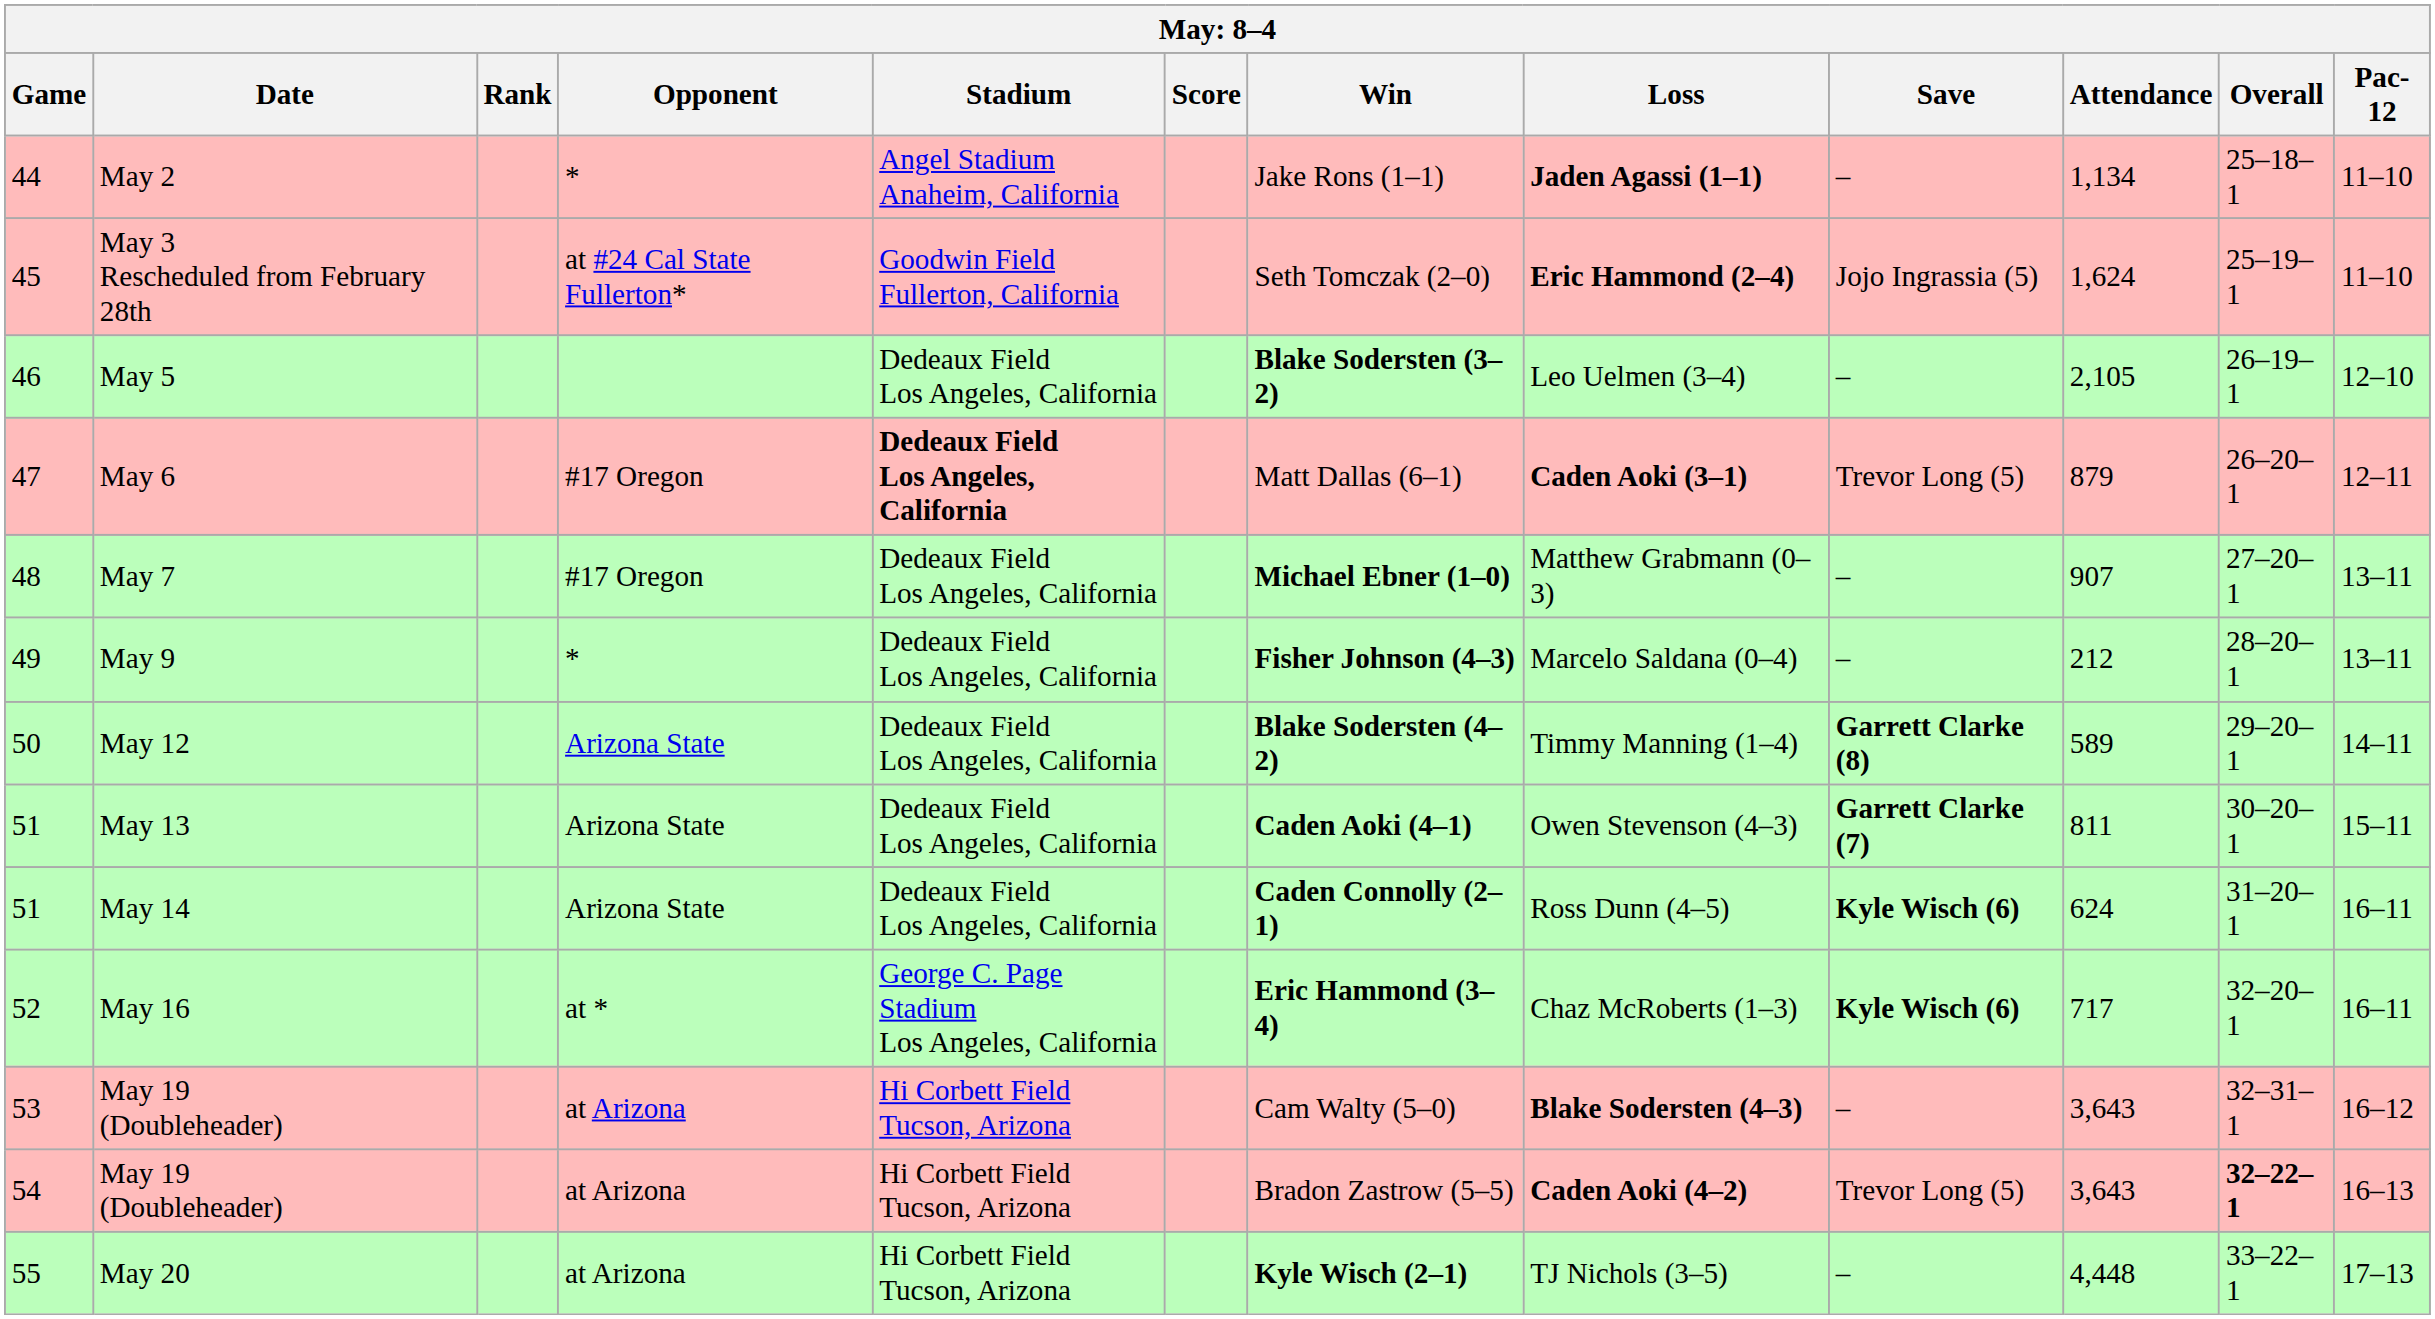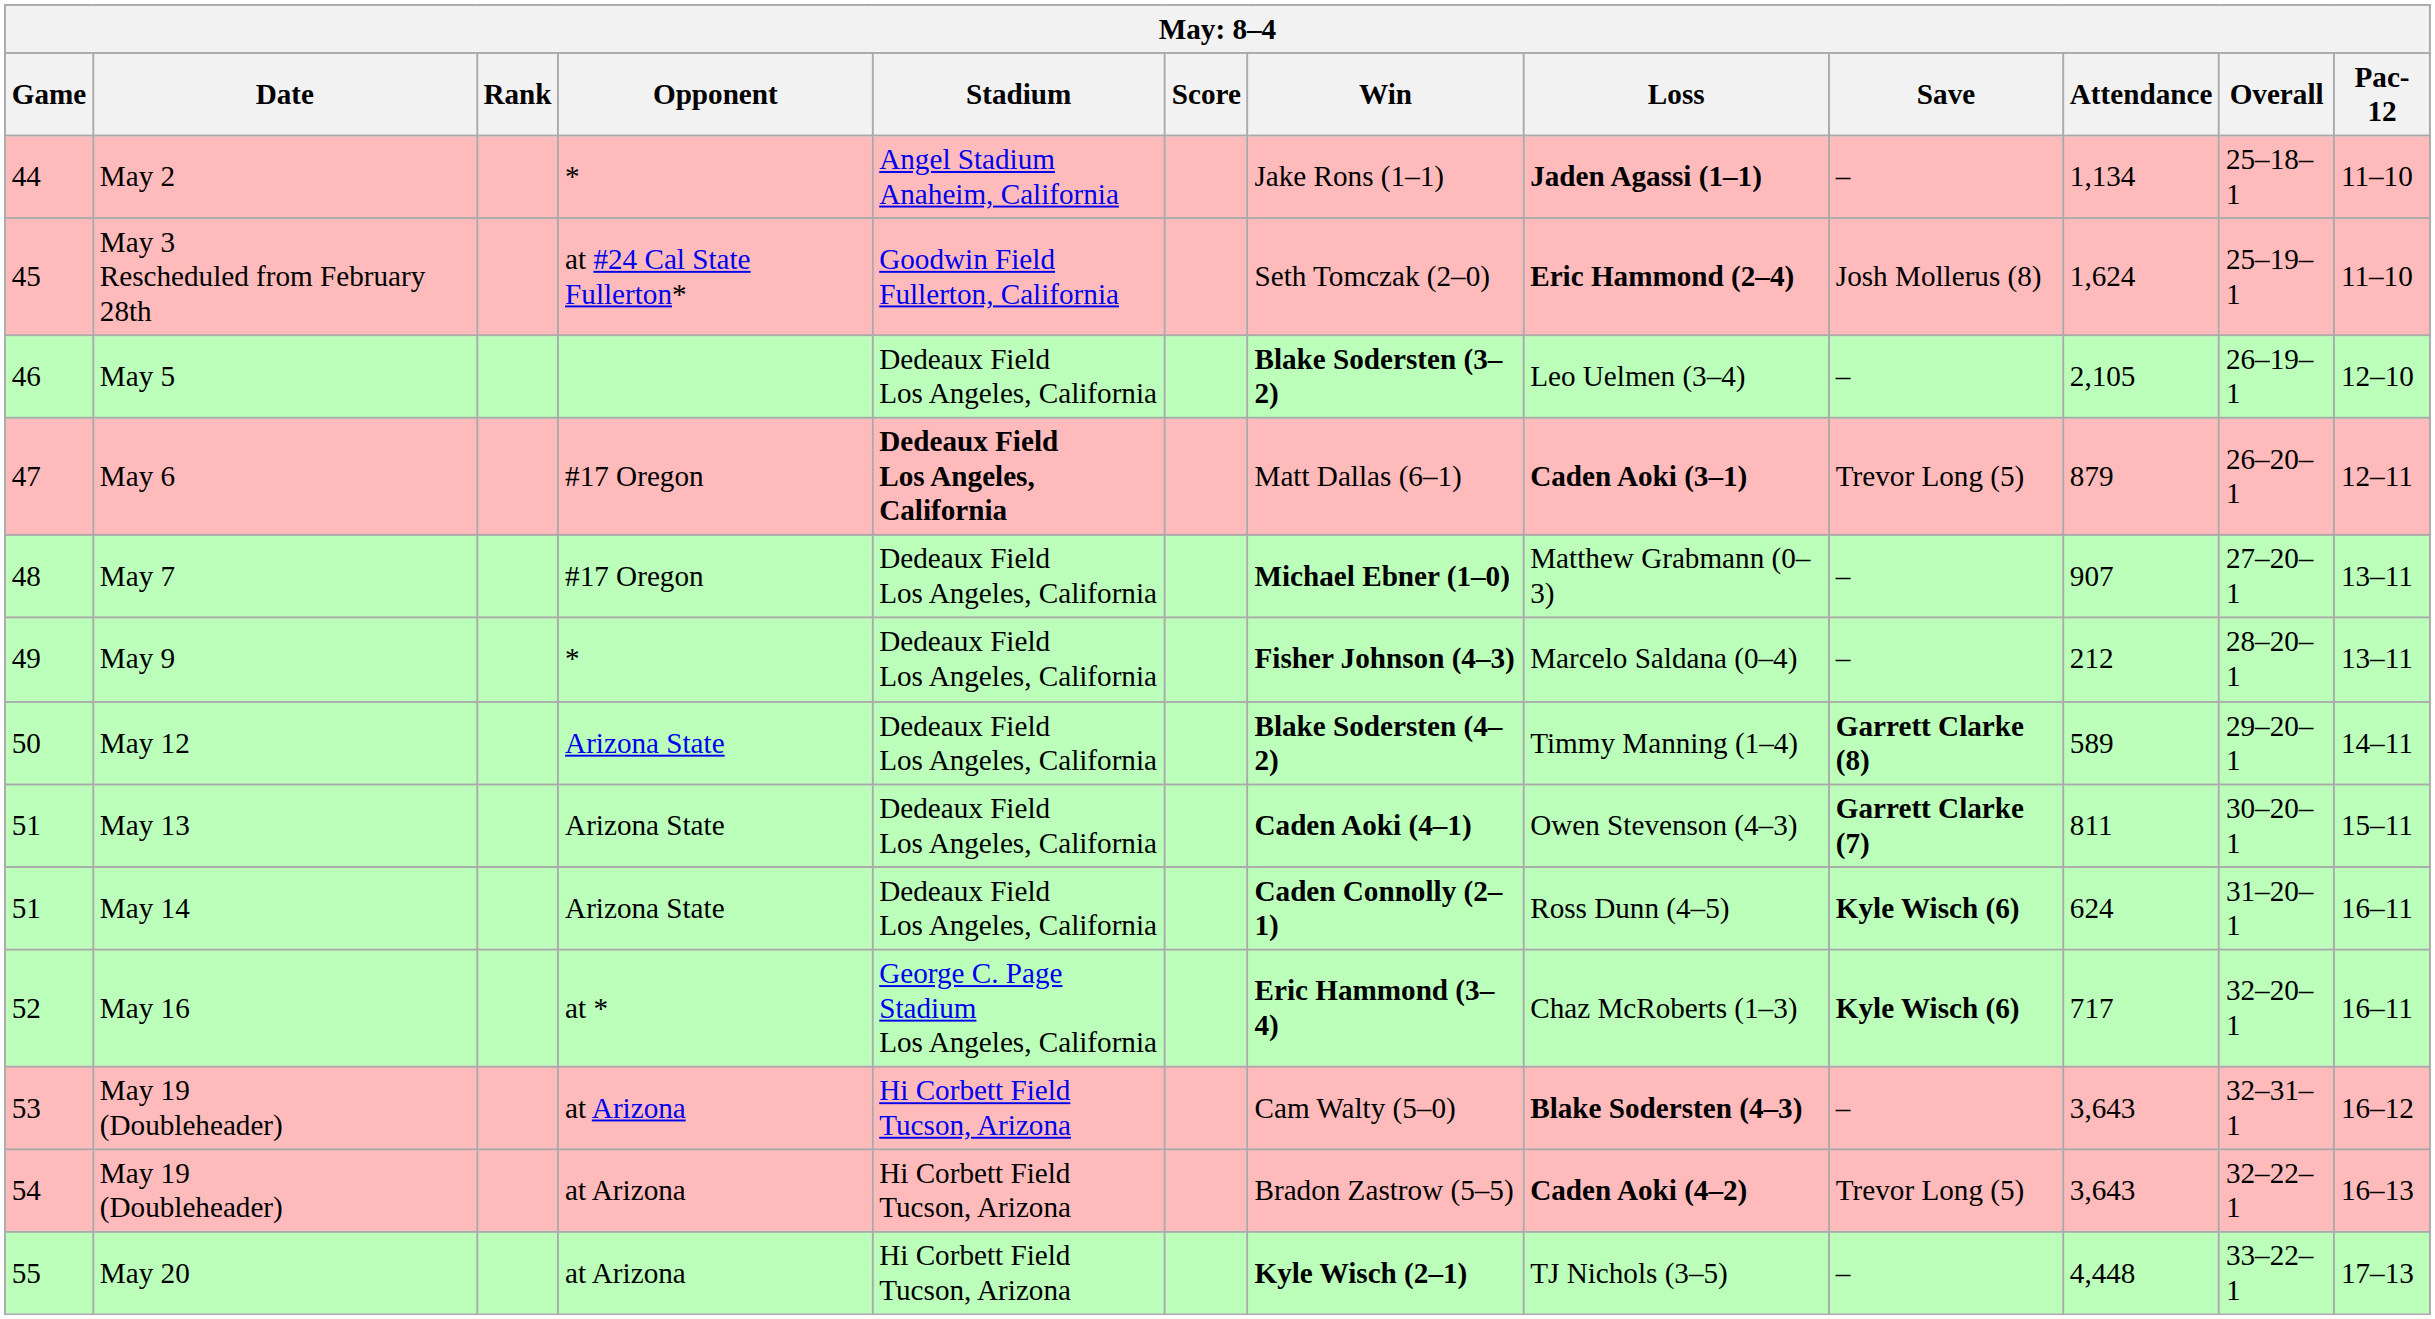 <table class="wikitable collapsible collapsed" style="margin:auto; font-size:95%; width:100%">
 <tr>
 <th colspan=12>May: 8–4</th>
 </tr>
 <tr>
 <th>Game</th>
 <th>Date</th>
 <th>Rank</th>
 <th>Opponent</th>
 <th>Stadium</th>
 <th>Score</th>
 <th>Win</th>
 <th>Loss</th>
 <th>Save</th>
 <th>Attendance</th>
 <th>Overall</th>
 <th>Pac-12</th>
 </tr>
 <tr style="background:#fbb;">
 <td>44</td>
 <td>May 2</td>
 <td></td>
 <td>*</td>
 <td><a href='#'>Angel Stadium</a><br><a href='#'>Anaheim, California</a></td>
 <td></td>
 <td>Jake Rons (1–1)</td>
 <td><strong>Jaden Agassi (1–1)</strong></td>
 <td>–</td>
 <td>1,134</td>
 <td>25–18–1</td>
 <td>11–10</td>
 </tr>
 <tr style="background:#fbb;">
 <td>45</td>
 <td>May 3<br>Rescheduled from February 28th</td>
 <td></td>
 <td>at <a href='#'>#24 Cal State Fullerton</a>*</td>
 <td><a href='#'>Goodwin Field</a><br><a href='#'>Fullerton, California</a></td>
 <td></td>
 <td>Seth Tomczak (2–0)</td>
 <td><strong>Eric Hammond (2–4)</strong></td>
-<td>Jojo Ingrassia (5)</td>
+<td>Josh Mollerus (8)</td>
 <td>1,624</td>
 <td>25–19–1</td>
 <td>11–10</td>
 </tr>
 <tr style="background:#bfb;">
 <td>46</td>
 <td>May 5</td>
 <td></td>
 <td></td>
 <td>Dedeaux Field<br>Los Angeles, California</td>
 <td></td>
 <td><strong>Blake Sodersten (3–2)</strong></td>
 <td>Leo Uelmen (3–4)</td>
 <td>–</td>
 <td>2,105</td>
 <td>26–19–1</td>
 <td>12–10</td>
 </tr>
 <tr style="background:#fbb;">
 <td>47</td>
 <td>May 6</td>
 <td></td>
 <td>#17 Oregon</td>
 <td><strong>Dedeaux Field<br>Los Angeles, California</strong></td>
 <td></td>
 <td>Matt Dallas (6–1)</td>
 <td><strong>Caden Aoki (3–1)</strong></td>
 <td>Trevor Long (5)</td>
 <td>879</td>
 <td>26–20–1</td>
 <td>12–11</td>
 </tr>
 <tr style="background:#bfb;">
 <td>48</td>
 <td>May 7</td>
 <td></td>
 <td>#17 Oregon</td>
 <td>Dedeaux Field<br>Los Angeles, California</td>
 <td></td>
 <td><strong>Michael Ebner (1–0)</strong></td>
 <td>Matthew Grabmann (0–3)</td>
 <td>–</td>
 <td>907</td>
 <td>27–20–1</td>
 <td>13–11</td>
 </tr>
 <tr style="background:#bfb;">
 <td>49</td>
 <td>May 9</td>
 <td></td>
 <td>*</td>
 <td>Dedeaux Field<br>Los Angeles, California</td>
 <td></td>
 <td><strong>Fisher Johnson (4–3)</strong></td>
 <td>Marcelo Saldana (0–4)</td>
 <td>–</td>
 <td>212</td>
 <td>28–20–1</td>
 <td>13–11</td>
 </tr>
 <tr style="background:#bfb;">
 <td>50</td>
 <td>May 12</td>
 <td></td>
 <td><a href='#'>Arizona State</a></td>
 <td>Dedeaux Field<br>Los Angeles, California</td>
 <td></td>
 <td><strong>Blake Sodersten (4–2)</strong></td>
 <td>Timmy Manning (1–4)</td>
 <td><strong>Garrett Clarke (8)</strong></td>
 <td>589</td>
 <td>29–20–1</td>
 <td>14–11</td>
 </tr>
 <tr style="background:#bfb;">
 <td>51</td>
 <td>May 13</td>
 <td></td>
 <td>Arizona State</td>
 <td>Dedeaux Field<br>Los Angeles, California</td>
 <td></td>
 <td><strong>Caden Aoki (4–1)</strong></td>
 <td>Owen Stevenson (4–3)</td>
 <td><strong>Garrett Clarke (7)</strong></td>
 <td>811</td>
 <td>30–20–1</td>
 <td>15–11</td>
 </tr>
 <tr style="background:#bfb;">
 <td>51</td>
 <td>May 14</td>
 <td></td>
 <td>Arizona State</td>
 <td>Dedeaux Field<br>Los Angeles, California</td>
 <td></td>
 <td><strong>Caden Connolly (2–1)</strong></td>
 <td>Ross Dunn (4–5)</td>
 <td><strong>Kyle Wisch (6)</strong></td>
 <td>624</td>
 <td>31–20–1</td>
 <td>16–11</td>
 </tr>
 <tr style="background:#bfb;">
 <td>52</td>
 <td>May 16</td>
 <td></td>
 <td>at *</td>
 <td><a href='#'>George C. Page Stadium</a><br>Los Angeles, California</td>
 <td></td>
 <td><strong>Eric Hammond (3–4)</strong></td>
 <td>Chaz McRoberts (1–3)</td>
 <td><strong>Kyle Wisch (6)</strong></td>
 <td>717</td>
 <td>32–20–1</td>
 <td>16–11</td>
 </tr>
 <tr style="background:#fbb;">
 <td>53</td>
 <td>May 19<br>(Doubleheader)</td>
 <td></td>
 <td>at <a href='#'>Arizona</a></td>
 <td><a href='#'>Hi Corbett Field</a><br><a href='#'>Tucson, Arizona</a></td>
 <td></td>
 <td>Cam Walty (5–0)</td>
 <td><strong>Blake Sodersten (4–3)</strong></td>
 <td>–</td>
 <td>3,643</td>
 <td>32–31–1</td>
 <td>16–12</td>
 </tr>
 <tr style="background:#fbb;">
 <td>54</td>
 <td>May 19<br>(Doubleheader)</td>
 <td></td>
 <td>at Arizona</td>
 <td>Hi Corbett Field<br>Tucson, Arizona</td>
 <td></td>
 <td>Bradon Zastrow (5–5)</td>
 <td><strong>Caden Aoki (4–2)</strong></td>
 <td>Trevor Long (5)</td>
 <td>3,643</td>
-<td><strong>32–22–1</strong></td>
+<td>32–22–1</td>
 <td>16–13</td>
 </tr>
 <tr style="background:#bfb;">
 <td>55</td>
 <td>May 20</td>
 <td></td>
 <td>at Arizona</td>
 <td>Hi Corbett Field<br>Tucson, Arizona</td>
 <td></td>
 <td><strong>Kyle Wisch (2–1)</strong></td>
 <td>TJ Nichols (3–5)</td>
 <td>–</td>
 <td>4,448</td>
 <td>33–22–1</td>
 <td>17–13</td>
 </tr>
 </table>
